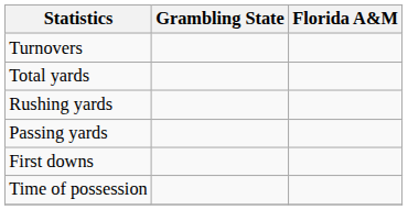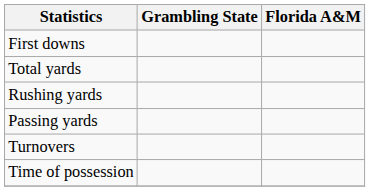 <table class="wikitable">
 <tr>
 <th>Statistics</th>
 <th>Grambling State</th>
 <th>Florida A&M</th>
 </tr>
 <tr>
-<td>Turnovers</td>
+<td>First downs</td>
 <td> </td>
 <td> </td>
 </tr>
 <tr>
 <td>Total yards</td>
 <td> </td>
 <td> </td>
 </tr>
 <tr>
 <td>Rushing yards</td>
 <td> </td>
 <td> </td>
 </tr>
 <tr>
 <td>Passing yards</td>
 <td> </td>
 <td> </td>
 </tr>
 <tr>
-<td>First downs</td>
+<td>Turnovers</td>
 <td> </td>
 <td> </td>
 </tr>
 <tr>
 <td>Time of possession</td>
 <td> </td>
 <td> </td>
 </tr>
 <tr>
 </tr>
 </table>
